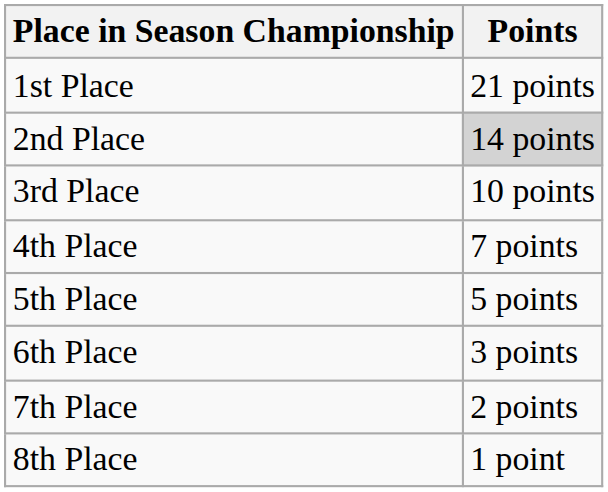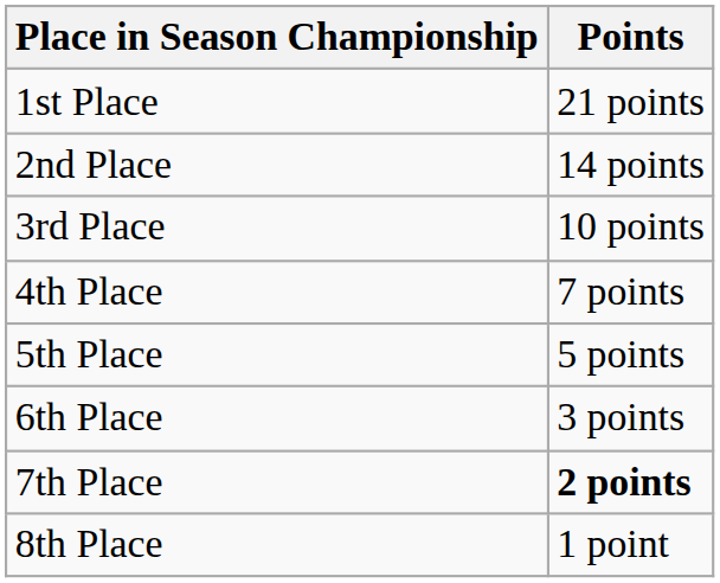 <table class="wikitable">
 <tr>
 <th>Place in Season Championship</th>
 <th>Points</th>
 </tr>
 <tr>
 <td>1st Place</td>
 <td>21 points</td>
 </tr>
 <tr>
 <td>2nd Place</td>
-<td style="background: lightgrey;">14 points</td>
+<td>14 points</td>
 </tr>
 <tr>
 <td>3rd Place</td>
 <td>10 points</td>
 </tr>
 <tr>
 <td>4th Place</td>
 <td>7 points</td>
 </tr>
 <tr>
 <td>5th Place</td>
 <td>5 points</td>
 </tr>
 <tr>
 <td>6th Place</td>
 <td>3 points</td>
 </tr>
 <tr>
 <td>7th Place</td>
-<td>2 points</td>
+<td><strong>2 points</strong></td>
 </tr>
 <tr>
 <td>8th Place</td>
 <td>1 point</td>
 </tr>
 </table>
